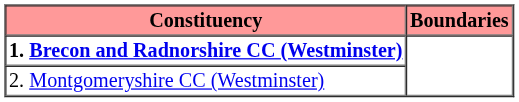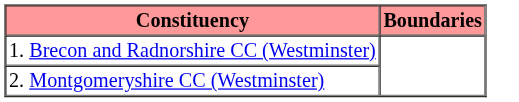 <table border=1 cellpadding="2" cellspacing="0">
 <tr>
 <th bgcolor="#ff9999">Constituency</th>
 <th bgcolor="#ff9999">Boundaries</th>
 </tr>
 <tr>
-<td><strong>1. <a href='#'>Brecon and Radnorshire CC (Westminster)</a></strong></td>
+<td>1. <a href='#'>Brecon and Radnorshire CC (Westminster)</a></td>
 <td rowspan=3></td>
 </tr>
 <tr>
 <td>2. <a href='#'>Montgomeryshire CC (Westminster)</a></td>
 </tr>
 </table>
